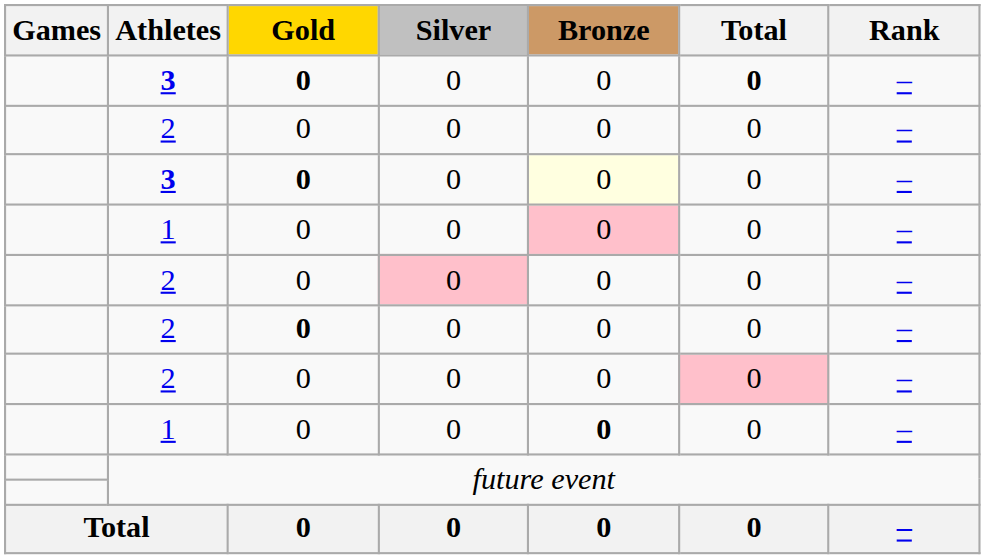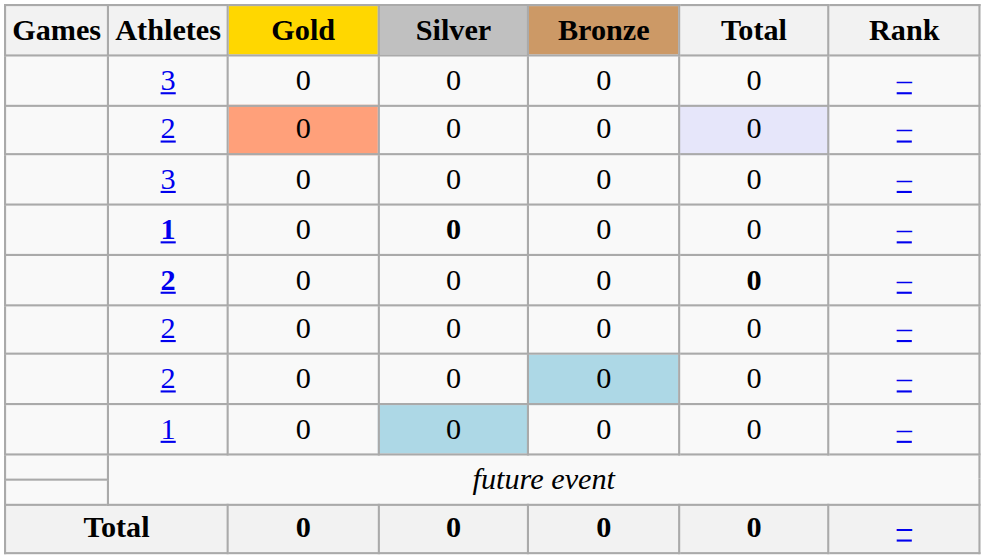 <table class="wikitable" style="text-align:center; font-size:90%;">
 <tr bgcolor="#efefef">
 <th>Games</th>
 <th>Athletes</th>
 <td style="background:gold; width:4.5em; font-weight:bold;">Gold</td>
 <td style="background:silver; width:4.5em; font-weight:bold;">Silver</td>
 <td style="background:#cc9966; width:4.5em; font-weight:bold;">Bronze</td>
 <th style="width:4.5em; font-weight:bold;">Total</th>
 <th style="width:4.5em; font-weight:bold;">Rank</th>
 </tr>
 <tr align="center">
 <td align=left></td>
-<td><strong><a href='#'>3</a></strong></td>
+<td><a href='#'>3</a></td>
+<td>0</td>
+<td>0</td>
+<td>0</td>
+<td>0</td>
+<td><a href='#'>–</a></td>
+</tr>
+<tr align="center">
+<td align=left></td>
+<td><a href='#'>2</a></td>
+<td style="background: lightsalmon;">0</td>
+<td>0</td>
+<td>0</td>
+<td style="background: lavender;">0</td>
+<td><a href='#'>–</a></td>
+</tr>
+<tr align="center">
+<td align=left></td>
+<td><a href='#'>3</a></td>
+<td>0</td>
+<td>0</td>
+<td>0</td>
+<td>0</td>
+<td><a href='#'>–</a></td>
+</tr>
+<tr align="center">
+<td align=left></td>
+<td><strong><a href='#'>1</a></strong></td>
+<td>0</td>
 <td><strong>0</strong></td>
+<td>0</td>
+<td>0</td>
+<td><a href='#'>–</a></td>
+</tr>
+<tr align="center">
+<td align=left></td>
+<td><strong><a href='#'>2</a></strong></td>
+<td>0</td>
 <td>0</td>
 <td>0</td>
 <td><strong>0</strong></td>
 <td><a href='#'>–</a></td>
 </tr>
 <tr align="center">
 <td align=left></td>
 <td><a href='#'>2</a></td>
 <td>0</td>
 <td>0</td>
 <td>0</td>
 <td>0</td>
 <td><a href='#'>–</a></td>
 </tr>
 <tr align="center">
 <td align=left></td>
-<td><strong><a href='#'>3</a></strong></td>
-<td><strong>0</strong></td>
+<td><a href='#'>2</a></td>
 <td>0</td>
-<td style="background: lightyellow;">0</td>
+<td>0</td>
+<td style="background: lightblue;">0</td>
 <td>0</td>
 <td><a href='#'>–</a></td>
 </tr>
 <tr align="center">
 <td align=left></td>
 <td><a href='#'>1</a></td>
 <td>0</td>
+<td style="background: lightblue;">0</td>
 <td>0</td>
-<td style="background: pink;">0</td>
-<td>0</td>
-<td><a href='#'>–</a></td>
-</tr>
-<tr align="center">
-<td align=left></td>
-<td><a href='#'>2</a></td>
-<td>0</td>
-<td style="background: pink;">0</td>
-<td>0</td>
-<td>0</td>
-<td><a href='#'>–</a></td>
-</tr>
-<tr align="center">
-<td align=left></td>
-<td><a href='#'>2</a></td>
-<td><strong>0</strong></td>
-<td>0</td>
-<td>0</td>
-<td>0</td>
-<td><a href='#'>–</a></td>
-</tr>
-<tr align="center">
-<td align=left></td>
-<td><a href='#'>2</a></td>
-<td>0</td>
-<td>0</td>
-<td>0</td>
-<td style="background: pink;">0</td>
-<td><a href='#'>–</a></td>
-</tr>
-<tr align="center">
-<td align=left></td>
-<td><a href='#'>1</a></td>
-<td>0</td>
-<td>0</td>
-<td><strong>0</strong></td>
 <td>0</td>
 <td><a href='#'>–</a></td>
 </tr>
 <tr>
 <td align=left></td>
 <td colspan=6; rowspan=2><em>future event</em></td>
 </tr>
 <tr>
 <td align=left></td>
 </tr>
 <tr>
 <th colspan=2>Total</th>
 <th>0</th>
 <th>0</th>
 <th>0</th>
 <th>0</th>
 <th><a href='#'>–</a></th>
 </tr>
 </table>
